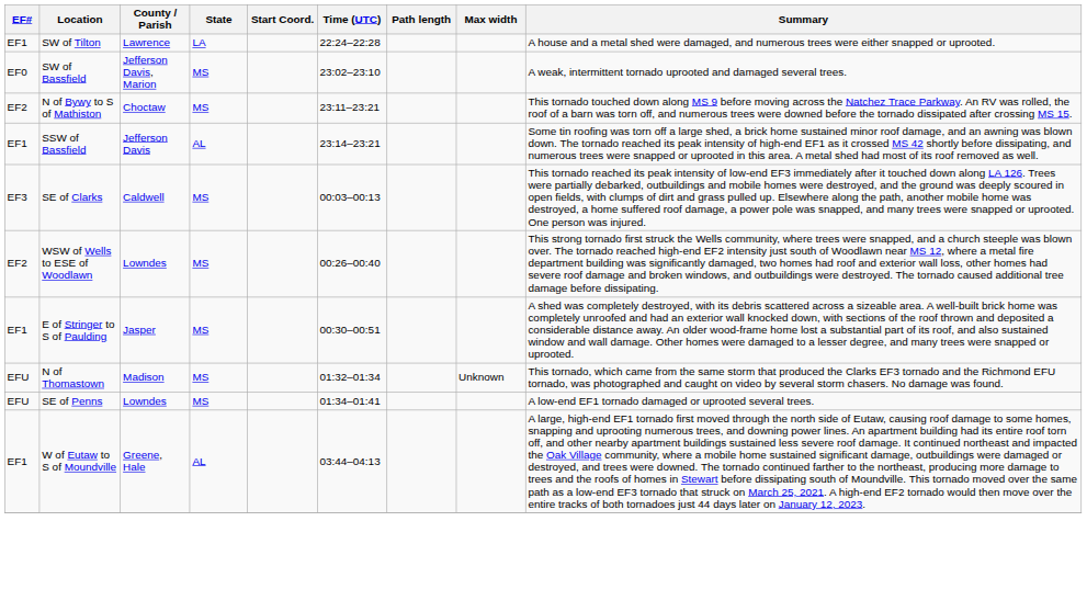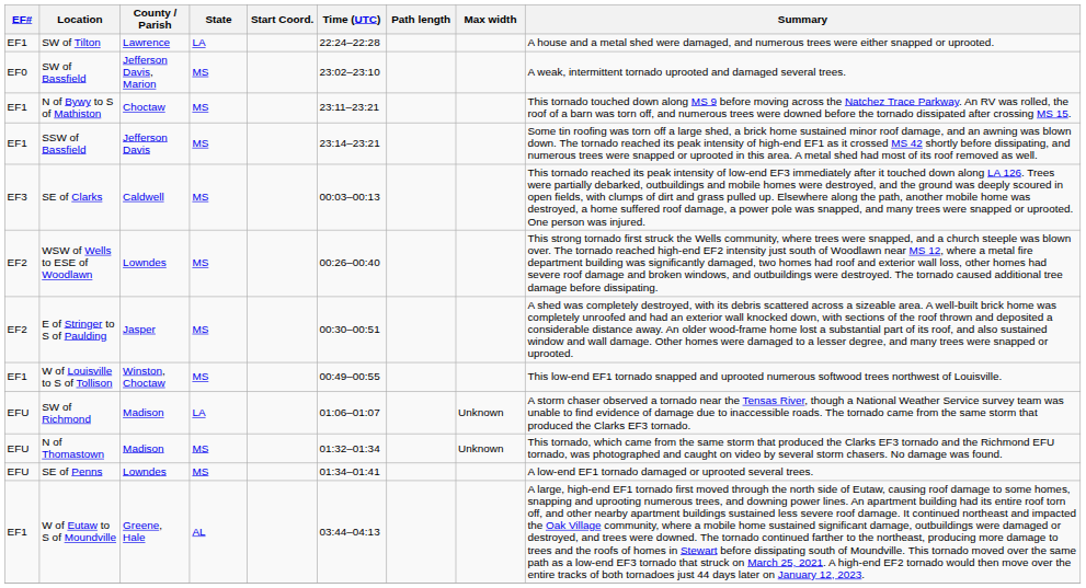 <table class="wikitable sortable" style="width:100%;">
 <tr>
 <th scope="col"  style="width:3%; text-align:center;"><a href='#'>EF#</a></th>
 <th scope="col"  style="width:7%; text-align:center;" class="unsortable">Location</th>
 <th scope="col"  style="width:6%; text-align:center;" class="unsortable">County / Parish</th>
 <th scope="col"  style="width:5%; text-align:center;">State</th>
 <th scope="col"  style="width:6%; text-align:center;">Start Coord.</th>
 <th scope="col"  style="width:6%; text-align:center;">Time (<a href='#'>UTC</a>)</th>
 <th scope="col"  style="width:6%; text-align:center;">Path length</th>
 <th scope="col"  style="width:6%; text-align:center;">Max width</th>
 <th scope="col" class="unsortable" style="width:48%; text-align:center;">Summary</th>
 </tr>
 <tr>
 <td>EF1</td>
 <td>SW of <a href='#'>Tilton</a></td>
 <td><a href='#'>Lawrence</a></td>
 <td><a href='#'>LA</a></td>
 <td></td>
 <td>22:24–22:28</td>
 <td></td>
 <td></td>
 <td>A house and a metal shed were damaged, and numerous trees were either snapped or uprooted.</td>
 </tr>
 <tr>
 <td>EF0</td>
 <td>SW of <a href='#'>Bassfield</a></td>
 <td><a href='#'>Jefferson Davis</a>, <a href='#'>Marion</a></td>
 <td><a href='#'>MS</a></td>
 <td></td>
 <td>23:02–23:10</td>
 <td></td>
 <td></td>
 <td>A weak, intermittent tornado uprooted and damaged several trees.</td>
 </tr>
 <tr>
-<td>EF2</td>
+<td>EF1</td>
 <td>N of <a href='#'>Bywy</a> to S of <a href='#'>Mathiston</a></td>
 <td><a href='#'>Choctaw</a></td>
 <td><a href='#'>MS</a></td>
 <td></td>
 <td>23:11–23:21</td>
 <td></td>
 <td></td>
 <td>This tornado touched down along <a href='#'>MS 9</a> before moving across the <a href='#'>Natchez Trace Parkway</a>. An RV was rolled, the roof of a barn was torn off, and numerous trees were downed before the tornado dissipated after crossing <a href='#'>MS 15</a>.</td>
 </tr>
 <tr>
 <td>EF1</td>
 <td>SSW of <a href='#'>Bassfield</a></td>
 <td><a href='#'>Jefferson Davis</a></td>
-<td><a href='#'>AL</a></td>
+<td><a href='#'>MS</a></td>
 <td></td>
 <td>23:14–23:21</td>
 <td></td>
 <td></td>
 <td>Some tin roofing was torn off a large shed, a brick home sustained minor roof damage, and an awning was blown down. The tornado reached its peak intensity of high-end EF1 as it crossed <a href='#'>MS 42</a> shortly before dissipating, and numerous trees were snapped or uprooted in this area. A metal shed had most of its roof removed as well.</td>
 </tr>
 <tr>
 <td>EF3</td>
 <td>SE of <a href='#'>Clarks</a></td>
 <td><a href='#'>Caldwell</a></td>
 <td><a href='#'>MS</a></td>
 <td></td>
 <td>00:03–00:13</td>
 <td></td>
 <td></td>
 <td>This tornado reached its peak intensity of low-end EF3 immediately after it touched down along <a href='#'>LA 126</a>. Trees were partially debarked, outbuildings and mobile homes were destroyed, and the ground was deeply scoured in open fields, with clumps of dirt and grass pulled up. Elsewhere along the path, another mobile home was destroyed, a home suffered roof damage, a power pole was snapped, and many trees were snapped or uprooted. One person was injured.</td>
 </tr>
 <tr>
 <td>EF2</td>
 <td>WSW of <a href='#'>Wells</a> to ESE of <a href='#'>Woodlawn</a></td>
 <td><a href='#'>Lowndes</a></td>
 <td><a href='#'>MS</a></td>
 <td></td>
 <td>00:26–00:40</td>
 <td></td>
 <td></td>
 <td>This strong tornado first struck the Wells community, where trees were snapped, and a church steeple was blown over. The tornado reached high-end EF2 intensity just south of Woodlawn near <a href='#'>MS 12</a>, where a metal fire department building was significantly damaged, two homes had roof and exterior wall loss, other homes had severe roof damage and broken windows, and outbuildings were destroyed. The tornado caused additional tree damage before dissipating.</td>
 </tr>
 <tr>
-<td>EF1</td>
+<td>EF2</td>
 <td>E of <a href='#'>Stringer</a> to S of <a href='#'>Paulding</a></td>
 <td><a href='#'>Jasper</a></td>
 <td><a href='#'>MS</a></td>
 <td></td>
 <td>00:30–00:51</td>
 <td></td>
 <td></td>
 <td>A shed was completely destroyed, with its debris scattered across a sizeable area. A well-built brick home was completely unroofed and had an exterior wall knocked down, with sections of the roof thrown and deposited a considerable distance away. An older wood-frame home lost a substantial part of its roof, and also sustained window and wall damage. Other homes were damaged to a lesser degree, and many trees were snapped or uprooted.</td>
+</tr>
+<tr>
+<td>EF1</td>
+<td>W of <a href='#'>Louisville</a> to S of <a href='#'>Tollison</a></td>
+<td><a href='#'>Winston</a>, <a href='#'>Choctaw</a></td>
+<td><a href='#'>MS</a></td>
+<td></td>
+<td>00:49–00:55</td>
+<td></td>
+<td></td>
+<td>This low-end EF1 tornado snapped and uprooted numerous softwood trees northwest of Louisville.</td>
+</tr>
+<tr>
+<td>EFU</td>
+<td>SW of <a href='#'>Richmond</a></td>
+<td><a href='#'>Madison</a></td>
+<td><a href='#'>LA</a></td>
+<td></td>
+<td>01:06–01:07</td>
+<td></td>
+<td>Unknown</td>
+<td>A storm chaser observed a tornado near the <a href='#'>Tensas River</a>, though a National Weather Service survey team was unable to find evidence of damage due to inaccessible roads. The tornado came from the same storm that produced the Clarks EF3 tornado.</td>
 </tr>
 <tr>
 <td>EFU</td>
 <td>N of <a href='#'>Thomastown</a></td>
 <td><a href='#'>Madison</a></td>
 <td><a href='#'>MS</a></td>
 <td></td>
 <td>01:32–01:34</td>
 <td></td>
 <td>Unknown</td>
 <td>This tornado, which came from the same storm that produced the Clarks EF3 tornado and the Richmond EFU tornado, was photographed and caught on video by several storm chasers. No damage was found.</td>
 </tr>
 <tr>
 <td>EFU</td>
 <td>SE of <a href='#'>Penns</a></td>
 <td><a href='#'>Lowndes</a></td>
 <td><a href='#'>MS</a></td>
 <td></td>
 <td>01:34–01:41</td>
 <td></td>
 <td></td>
 <td>A low-end EF1 tornado damaged or uprooted several trees.</td>
 </tr>
 <tr>
 <td>EF1</td>
 <td>W of <a href='#'>Eutaw</a> to S of <a href='#'>Moundville</a></td>
 <td><a href='#'>Greene</a>, <a href='#'>Hale</a></td>
 <td><a href='#'>AL</a></td>
 <td></td>
 <td>03:44–04:13</td>
 <td></td>
 <td></td>
 <td>A large, high-end EF1 tornado first moved through the north side of Eutaw, causing roof damage to some homes, snapping and uprooting numerous trees, and downing power lines. An apartment building had its entire roof torn off, and other nearby apartment buildings sustained less severe roof damage. It continued northeast and impacted the <a href='#'>Oak Village</a> community, where a mobile home sustained significant damage, outbuildings were damaged or destroyed, and trees were downed. The tornado continued farther to the northeast, producing more damage to trees and the roofs of homes in <a href='#'>Stewart</a> before dissipating south of Moundville. This tornado moved over the same path as a low-end EF3 tornado that struck on <a href='#'>March 25, 2021</a>. A high-end EF2 tornado would then move over the entire tracks of both tornadoes just 44 days later on <a href='#'>January 12, 2023</a>.</td>
 </tr>
 <tr>
 </tr>
 </table>
